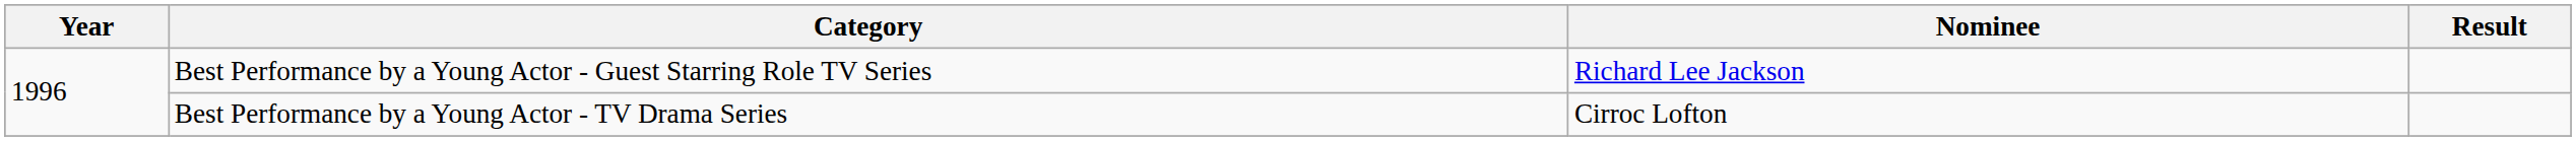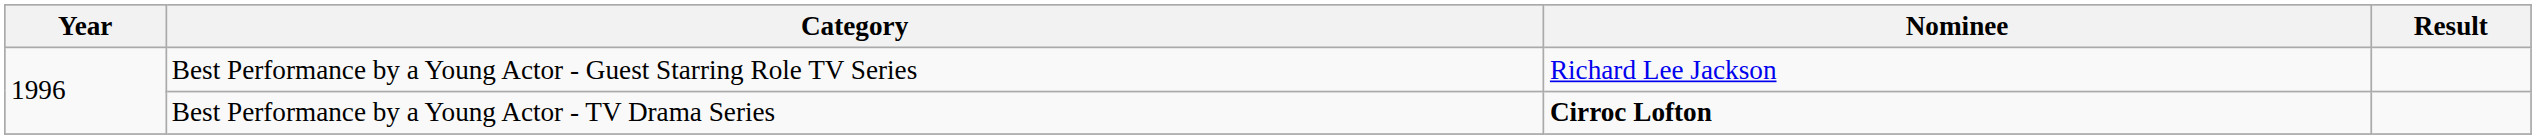 <table class="wikitable">
 <tr>
 <th width="3.5%">Year</th>
 <th width="30%">Category</th>
 <th width="18%">Nominee</th>
 <th width="3.5%">Result</th>
 </tr>
 <tr>
 <td rowspan="2">1996</td>
 <td>Best Performance by a Young Actor - Guest Starring Role TV Series</td>
 <td><a href='#'>Richard Lee  Jackson</a></td>
 <td></td>
 </tr>
 <tr>
 <td>Best Performance by a Young Actor - TV Drama Series</td>
-<td>Cirroc Lofton</td>
+<td><strong>Cirroc Lofton</strong></td>
 <td></td>
 </tr>
 </table>
